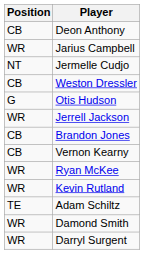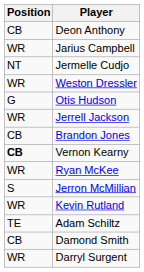 <table class="wikitable sortable">
 <tr>
 <th>Position</th>
 <th>Player</th>
 </tr>
 <tr>
 <td>CB</td>
 <td>Deon Anthony</td>
 </tr>
 <tr>
 <td>WR</td>
 <td>Jarius Campbell</td>
 </tr>
 <tr>
 <td>NT</td>
 <td>Jermelle Cudjo</td>
 </tr>
 <tr>
-<td>CB</td>
+<td>WR</td>
 <td><a href='#'>Weston Dressler</a></td>
 </tr>
 <tr>
 <td>G</td>
 <td><a href='#'>Otis Hudson</a></td>
 </tr>
 <tr>
 <td>WR</td>
 <td><a href='#'>Jerrell Jackson</a></td>
 </tr>
 <tr>
 <td>CB</td>
 <td><a href='#'>Brandon Jones</a></td>
 </tr>
 <tr>
-<td>CB</td>
+<td><strong>CB</strong></td>
 <td>Vernon Kearny</td>
 </tr>
 <tr>
 <td>WR</td>
 <td><a href='#'>Ryan McKee</a></td>
+</tr>
+<tr>
+<td>S</td>
+<td><a href='#'>Jerron McMillian</a></td>
 </tr>
 <tr>
 <td>WR</td>
 <td><a href='#'>Kevin Rutland</a></td>
 </tr>
 <tr>
 <td>TE</td>
 <td>Adam Schiltz</td>
 </tr>
 <tr>
-<td>WR</td>
+<td>CB</td>
 <td>Damond Smith</td>
 </tr>
 <tr>
 <td>WR</td>
 <td>Darryl Surgent</td>
 </tr>
 </table>
